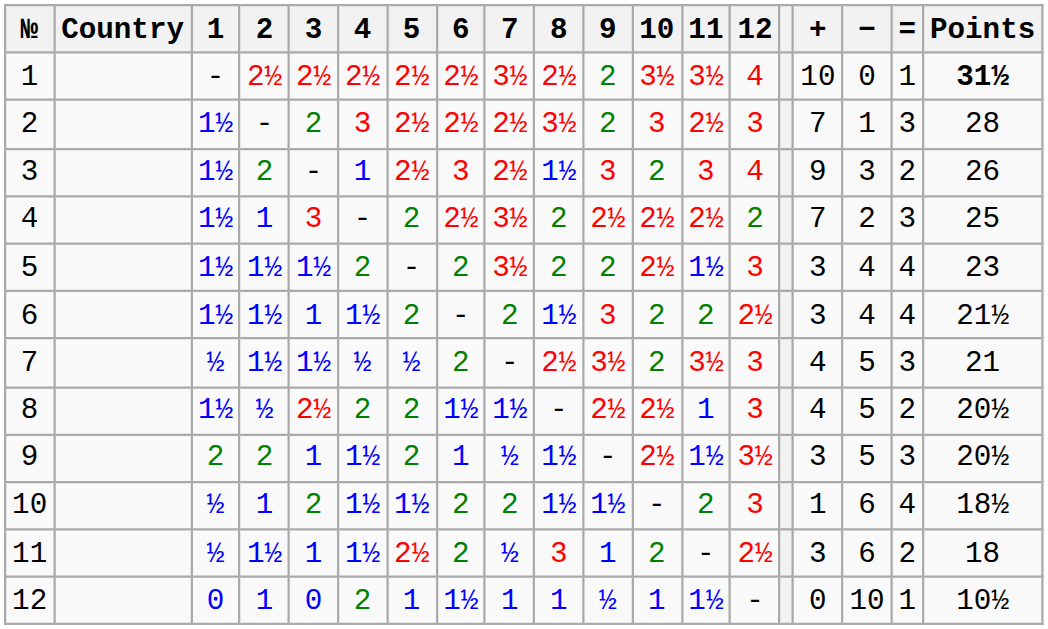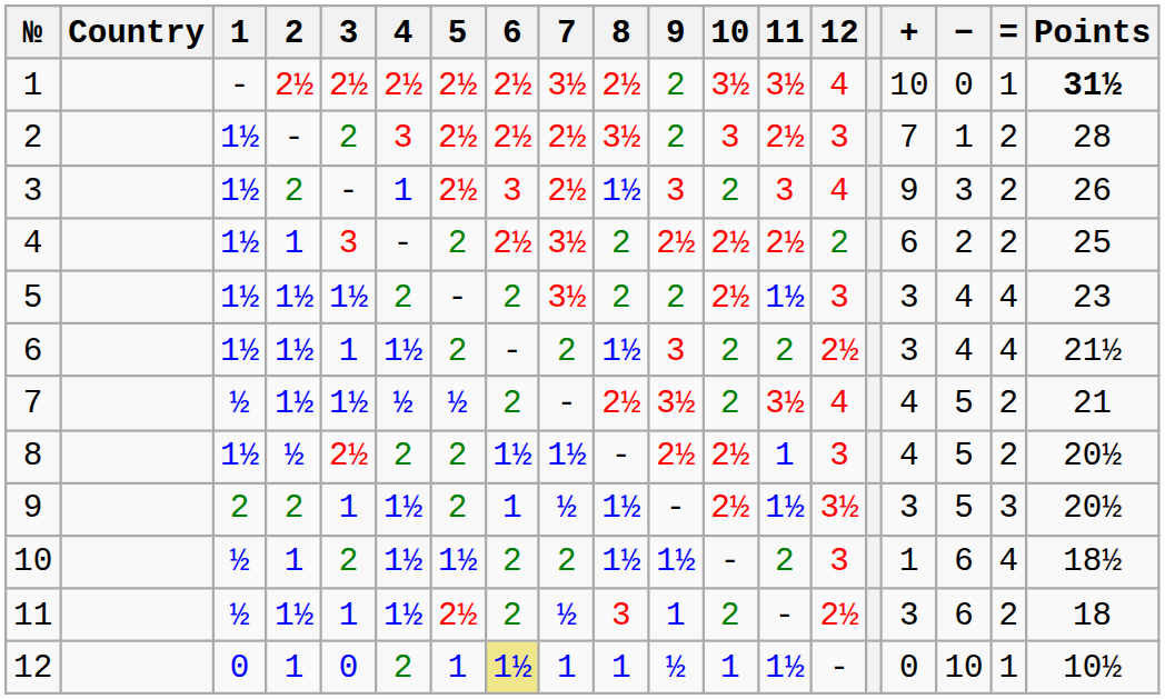 <table class="wikitable" style="text-align:center">
 <tr>
 <th>№</th>
 <th>Country</th>
 <th>1</th>
 <th>2</th>
 <th>3</th>
 <th>4</th>
 <th>5</th>
 <th>6</th>
 <th>7</th>
 <th>8</th>
 <th>9</th>
 <th>10</th>
 <th>11</th>
 <th>12</th>
 <th></th>
 <th>+</th>
 <th>−</th>
 <th>=</th>
 <th>Points</th>
 </tr>
 <tr>
 <td>1</td>
 <td style="text-align: left"></td>
 <td>-</td>
 <td style="color:red;">2½</td>
 <td style="color:red;">2½</td>
 <td style="color:red;">2½</td>
 <td style="color:red;">2½</td>
 <td style="color:red;">2½</td>
 <td style="color:red;">3½</td>
 <td style="color:red;">2½</td>
 <td style="color:green;">2</td>
 <td style="color:red;">3½</td>
 <td style="color:red;">3½</td>
 <td style="color:red;">4</td>
 <th></th>
 <td>10</td>
 <td>0</td>
 <td>1</td>
 <td><strong>31½ </strong></td>
 </tr>
 <tr>
 <td>2</td>
 <td style="text-align: left"></td>
 <td style="color:blue;">1½</td>
 <td>-</td>
 <td style="color:green;">2</td>
 <td style="color:red;">3</td>
 <td style="color:red;">2½</td>
 <td style="color:red;">2½</td>
 <td style="color:red;">2½</td>
 <td style="color:red;">3½</td>
 <td style="color:green;">2</td>
 <td style="color:red;">3</td>
 <td style="color:red;">2½</td>
 <td style="color:red;">3</td>
 <th></th>
 <td>7</td>
 <td>1</td>
-<td>3</td>
+<td>2</td>
 <td>28</td>
 </tr>
 <tr>
 <td>3</td>
 <td style="text-align: left"></td>
 <td style="color:blue;">1½</td>
 <td style="color:green;">2</td>
 <td>-</td>
 <td style="color:blue;">1</td>
 <td style="color:red;">2½</td>
 <td style="color:red;">3</td>
 <td style="color:red;">2½</td>
 <td style="color:blue;">1½</td>
 <td style="color:red;">3</td>
 <td style="color:green;">2</td>
 <td style="color:red;">3</td>
 <td style="color:red;">4</td>
 <th></th>
 <td>9</td>
 <td>3</td>
 <td>2</td>
 <td>26</td>
 </tr>
 <tr>
 <td>4</td>
 <td style="text-align: left"></td>
 <td style="color:blue;">1½</td>
 <td style="color:blue;">1</td>
 <td style="color:red;">3</td>
 <td>-</td>
 <td style="color:green;">2</td>
 <td style="color:red;">2½</td>
 <td style="color:red;">3½</td>
 <td style="color:green;">2</td>
 <td style="color:red;">2½</td>
 <td style="color:red;">2½</td>
 <td style="color:red;">2½</td>
 <td style="color:green;">2</td>
 <th></th>
-<td>7</td>
+<td>6</td>
 <td>2</td>
-<td>3</td>
+<td>2</td>
 <td>25</td>
 </tr>
 <tr>
 <td>5</td>
 <td style="text-align: left"></td>
 <td style="color:blue;">1½</td>
 <td style="color:blue;">1½</td>
 <td style="color:blue;">1½</td>
 <td style="color:green;">2</td>
 <td>-</td>
 <td style="color:green;">2</td>
 <td style="color:red;">3½</td>
 <td style="color:green;">2</td>
 <td style="color:green;">2</td>
 <td style="color:red;">2½</td>
 <td style="color:blue;">1½</td>
 <td style="color:red;">3</td>
 <th></th>
 <td>3</td>
 <td>4</td>
 <td>4</td>
 <td>23</td>
 </tr>
 <tr>
 <td>6</td>
 <td style="text-align: left"></td>
 <td style="color:blue;">1½</td>
 <td style="color:blue;">1½</td>
 <td style="color:blue;">1</td>
 <td style="color:blue;">1½</td>
 <td style="color:green;">2</td>
 <td>-</td>
 <td style="color:green;">2</td>
 <td style="color:blue;">1½</td>
 <td style="color:red;">3</td>
 <td style="color:green;">2</td>
 <td style="color:green;">2</td>
 <td style="color:red;">2½</td>
 <th></th>
 <td>3</td>
 <td>4</td>
 <td>4</td>
 <td>21½</td>
 </tr>
 <tr>
 <td>7</td>
 <td style="text-align: left"></td>
 <td style="color:blue;">½</td>
 <td style="color:blue;">1½</td>
 <td style="color:blue;">1½</td>
 <td style="color:blue;">½</td>
 <td style="color:blue;">½</td>
 <td style="color:green;">2</td>
 <td>-</td>
 <td style="color:red;">2½</td>
 <td style="color:red;">3½</td>
 <td style="color:green;">2</td>
 <td style="color:red;">3½</td>
-<td style="color:red;">3</td>
+<td style="color:red;">4</td>
 <th></th>
 <td>4</td>
 <td>5</td>
-<td>3</td>
+<td>2</td>
 <td>21</td>
 </tr>
 <tr>
 <td>8</td>
 <td style="text-align: left"></td>
 <td style="color:blue;">1½</td>
 <td style="color:blue;">½</td>
 <td style="color:red;">2½</td>
 <td style="color:green;">2</td>
 <td style="color:green;">2</td>
 <td style="color:blue;">1½</td>
 <td style="color:blue;">1½</td>
 <td>-</td>
 <td style="color:red;">2½</td>
 <td style="color:red;">2½</td>
 <td style="color:blue;">1</td>
 <td style="color:red;">3</td>
 <th></th>
 <td>4</td>
 <td>5</td>
 <td>2</td>
 <td>20½</td>
 </tr>
 <tr>
 <td>9</td>
 <td style="text-align: left"></td>
 <td style="color:green;">2</td>
 <td style="color:green;">2</td>
 <td style="color:blue;">1</td>
 <td style="color:blue;">1½</td>
 <td style="color:green;">2</td>
 <td style="color:blue;">1</td>
 <td style="color:blue;">½</td>
 <td style="color:blue;">1½</td>
 <td>-</td>
 <td style="color:red;">2½</td>
 <td style="color:blue;">1½</td>
 <td style="color:red;">3½</td>
 <th></th>
 <td>3</td>
 <td>5</td>
 <td>3</td>
 <td>20½</td>
 </tr>
 <tr>
 <td>10</td>
 <td style="text-align: left"></td>
 <td style="color:blue;">½</td>
 <td style="color:blue;">1</td>
 <td style="color:green;">2</td>
 <td style="color:blue;">1½</td>
 <td style="color:blue;">1½</td>
 <td style="color:green;">2</td>
 <td style="color:green;">2</td>
 <td style="color:blue;">1½</td>
 <td style="color:blue;">1½</td>
 <td>-</td>
 <td style="color:green;">2</td>
 <td style="color:red;">3</td>
 <th></th>
 <td>1</td>
 <td>6</td>
 <td>4</td>
 <td>18½</td>
 </tr>
 <tr>
 <td>11</td>
 <td style="text-align: left"></td>
 <td style="color:blue;">½</td>
 <td style="color:blue;">1½</td>
 <td style="color:blue;">1</td>
 <td style="color:blue;">1½</td>
 <td style="color:red;">2½</td>
 <td style="color:green;">2</td>
 <td style="color:blue;">½</td>
 <td style="color:red;">3</td>
 <td style="color:blue;">1</td>
 <td style="color:green;">2</td>
 <td>-</td>
 <td style="color:red;">2½</td>
 <th></th>
 <td>3</td>
 <td>6</td>
 <td>2</td>
 <td>18</td>
 </tr>
 <tr>
 <td>12</td>
 <td style="text-align: left"></td>
 <td style="color:blue;">0</td>
 <td style="color:blue;">1</td>
 <td style="color:blue;">0</td>
 <td style="color:green;">2</td>
 <td style="color:blue;">1</td>
-<td style="color:blue;">1½</td>
+<td style="background: khaki; color:blue;">1½</td>
 <td style="color:blue;">1</td>
 <td style="color:blue;">1</td>
 <td style="color:blue;">½</td>
 <td style="color:blue;">1</td>
 <td style="color:blue;">1½</td>
 <td>-</td>
 <th></th>
 <td>0</td>
 <td>10</td>
 <td>1</td>
 <td>10½</td>
 </tr>
 </table>
